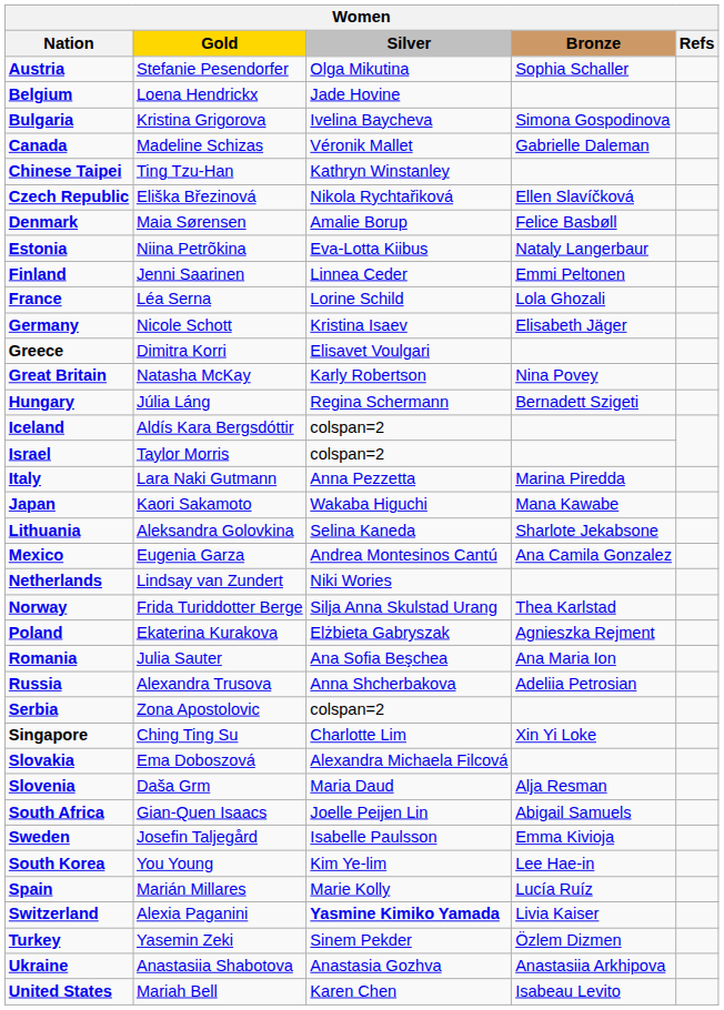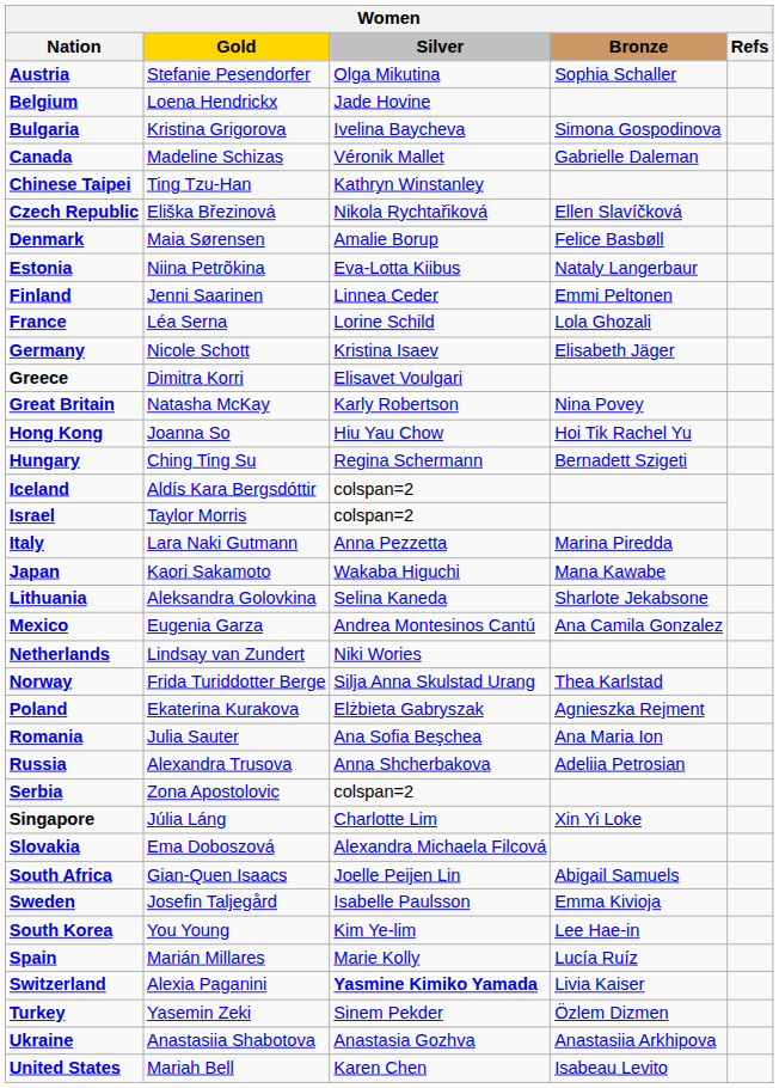 <table class="wikitable">
 <tr>
 <th colspan=5>Women</th>
 </tr>
 <tr>
 <th>Nation</th>
 <td style="text-align:center; background:gold;"><strong>Gold</strong></td>
 <td style="text-align:center; background:silver;"><strong>Silver</strong></td>
 <td style="text-align:center; background:#c96;"><strong>Bronze</strong></td>
 <th>Refs</th>
 </tr>
 <tr>
 <td><strong> <a href='#'>Austria</a></strong></td>
 <td><a href='#'>Stefanie Pesendorfer</a></td>
 <td><a href='#'>Olga Mikutina</a></td>
 <td><a href='#'>Sophia Schaller</a></td>
 <td></td>
 </tr>
 <tr>
 <td><strong> <a href='#'>Belgium</a></strong></td>
 <td><a href='#'>Loena Hendrickx</a></td>
 <td><a href='#'>Jade Hovine</a></td>
 <td></td>
 <td></td>
 </tr>
 <tr>
 <td><strong> <a href='#'>Bulgaria</a></strong></td>
 <td><a href='#'>Kristina Grigorova</a></td>
 <td><a href='#'>Ivelina Baycheva</a></td>
 <td><a href='#'>Simona Gospodinova</a></td>
 <td></td>
 </tr>
 <tr>
 <td><strong> <a href='#'>Canada</a></strong></td>
 <td><a href='#'>Madeline Schizas</a></td>
 <td><a href='#'>Véronik Mallet</a></td>
 <td><a href='#'>Gabrielle Daleman</a></td>
 <td></td>
 </tr>
 <tr>
 <td><strong> <a href='#'>Chinese Taipei</a></strong></td>
 <td><a href='#'>Ting Tzu-Han</a></td>
 <td><a href='#'>Kathryn Winstanley</a></td>
 <td></td>
 <td></td>
 </tr>
 <tr>
 <td><strong> <a href='#'>Czech Republic</a></strong></td>
 <td><a href='#'>Eliška Březinová</a></td>
 <td><a href='#'>Nikola Rychtařiková</a></td>
 <td><a href='#'>Ellen Slavíčková</a></td>
 <td></td>
 </tr>
 <tr>
 <td><strong> <a href='#'>Denmark</a></strong></td>
 <td><a href='#'>Maia Sørensen</a></td>
 <td><a href='#'>Amalie Borup</a></td>
 <td><a href='#'>Felice Basbøll</a></td>
 <td></td>
 </tr>
 <tr>
 <td><strong> <a href='#'>Estonia</a></strong></td>
 <td><a href='#'>Niina Petrõkina</a></td>
 <td><a href='#'>Eva-Lotta Kiibus</a></td>
 <td><a href='#'>Nataly Langerbaur</a></td>
 <td></td>
 </tr>
 <tr>
 <td><strong> <a href='#'>Finland</a></strong></td>
 <td><a href='#'>Jenni Saarinen</a></td>
 <td><a href='#'>Linnea Ceder</a></td>
 <td><a href='#'>Emmi Peltonen</a></td>
 <td></td>
 </tr>
 <tr>
 <td><strong> <a href='#'>France</a></strong></td>
 <td><a href='#'>Léa Serna</a></td>
 <td><a href='#'>Lorine Schild</a></td>
 <td><a href='#'>Lola Ghozali</a></td>
 <td></td>
 </tr>
 <tr>
 <td><strong> <a href='#'>Germany</a></strong></td>
 <td><a href='#'>Nicole Schott</a></td>
 <td><a href='#'>Kristina Isaev</a></td>
 <td><a href='#'>Elisabeth Jäger</a></td>
 <td></td>
 </tr>
 <tr>
 <td><strong> Greece</strong></td>
 <td><a href='#'>Dimitra Korri</a></td>
 <td><a href='#'>Elisavet Voulgari</a></td>
 <td></td>
 <td></td>
 </tr>
 <tr>
 <td><strong> <a href='#'>Great Britain</a></strong></td>
 <td><a href='#'>Natasha McKay</a></td>
 <td><a href='#'>Karly Robertson</a></td>
 <td><a href='#'>Nina Povey</a></td>
 <td></td>
 </tr>
 <tr>
+<td><strong> <a href='#'>Hong Kong</a></strong></td>
+<td><a href='#'>Joanna So</a></td>
+<td><a href='#'>Hiu Yau Chow</a></td>
+<td><a href='#'>Hoi Tik Rachel Yu</a></td>
+<td></td>
+</tr>
+<tr>
 <td><strong> <a href='#'>Hungary</a></strong></td>
-<td><a href='#'>Júlia Láng</a></td>
+<td><a href='#'>Ching Ting Su</a></td>
 <td><a href='#'>Regina Schermann</a></td>
 <td><a href='#'>Bernadett Szigeti</a></td>
 <td></td>
 </tr>
 <tr>
 <td><strong> <a href='#'>Iceland</a></strong></td>
 <td><a href='#'>Aldís Kara Bergsdóttir</a></td>
 <td>colspan=2 </td>
 <td></td>
 </tr>
 <tr>
 <td><strong> <a href='#'>Israel</a></strong></td>
 <td><a href='#'>Taylor Morris</a></td>
 <td>colspan=2 </td>
 <td></td>
 </tr>
 <tr>
 <td><strong> <a href='#'>Italy</a></strong></td>
 <td><a href='#'>Lara Naki Gutmann</a></td>
 <td><a href='#'>Anna Pezzetta</a></td>
 <td><a href='#'>Marina Piredda</a></td>
 <td></td>
 </tr>
 <tr>
 <td><strong> <a href='#'>Japan</a></strong></td>
 <td><a href='#'>Kaori Sakamoto</a></td>
 <td><a href='#'>Wakaba Higuchi</a></td>
 <td><a href='#'>Mana Kawabe</a></td>
 <td></td>
 </tr>
 <tr>
 <td><strong> <a href='#'>Lithuania</a></strong></td>
 <td><a href='#'>Aleksandra Golovkina</a></td>
 <td><a href='#'>Selina Kaneda</a></td>
 <td><a href='#'>Sharlote Jekabsone</a></td>
 <td></td>
 </tr>
 <tr>
 <td><strong> <a href='#'>Mexico</a></strong></td>
 <td><a href='#'>Eugenia Garza</a></td>
 <td><a href='#'>Andrea Montesinos Cantú</a></td>
 <td><a href='#'>Ana Camila Gonzalez</a></td>
 <td></td>
 </tr>
 <tr>
 <td><strong> <a href='#'>Netherlands</a></strong></td>
 <td><a href='#'>Lindsay van Zundert</a></td>
 <td><a href='#'>Niki Wories</a></td>
 <td></td>
 <td></td>
 </tr>
 <tr>
 <td><strong> <a href='#'>Norway</a></strong></td>
 <td><a href='#'>Frida Turiddotter Berge</a></td>
 <td><a href='#'>Silja Anna Skulstad Urang</a></td>
 <td><a href='#'>Thea Karlstad</a></td>
 <td></td>
 </tr>
 <tr>
 <td><strong> <a href='#'>Poland</a></strong></td>
 <td><a href='#'>Ekaterina Kurakova</a></td>
 <td><a href='#'>Elżbieta Gabryszak</a></td>
 <td><a href='#'>Agnieszka Rejment</a></td>
 <td></td>
 </tr>
 <tr>
 <td><strong> <a href='#'>Romania</a></strong></td>
 <td><a href='#'>Julia Sauter</a></td>
 <td><a href='#'>Ana Sofia Beşchea</a></td>
 <td><a href='#'>Ana Maria Ion</a></td>
 <td></td>
 </tr>
 <tr>
 <td><strong> <a href='#'>Russia</a></strong></td>
 <td><a href='#'>Alexandra Trusova</a></td>
 <td><a href='#'>Anna Shcherbakova</a></td>
 <td><a href='#'>Adeliia Petrosian</a></td>
 <td></td>
 </tr>
 <tr>
 <td><strong> <a href='#'>Serbia</a></strong></td>
 <td><a href='#'>Zona Apostolovic</a></td>
 <td>colspan=2 </td>
 <td></td>
 </tr>
 <tr>
 <td><strong> Singapore</strong></td>
-<td><a href='#'>Ching Ting Su</a></td>
+<td><a href='#'>Júlia Láng</a></td>
 <td><a href='#'>Charlotte Lim</a></td>
 <td><a href='#'>Xin Yi Loke</a></td>
 <td></td>
 </tr>
 <tr>
 <td><strong> <a href='#'>Slovakia</a></strong></td>
 <td><a href='#'>Ema Doboszová</a></td>
 <td><a href='#'>Alexandra Michaela Filcová</a></td>
 <td></td>
-<td></td>
-</tr>
-<tr>
-<td><strong> <a href='#'>Slovenia</a></strong></td>
-<td><a href='#'>Daša Grm</a></td>
-<td><a href='#'>Maria Daud</a></td>
-<td><a href='#'>Alja Resman</a></td>
 <td></td>
 </tr>
 <tr>
 <td><strong> <a href='#'>South Africa</a></strong></td>
 <td><a href='#'>Gian-Quen Isaacs</a></td>
 <td><a href='#'>Joelle Peijen Lin</a></td>
 <td><a href='#'>Abigail Samuels</a></td>
 <td></td>
 </tr>
 <tr>
 <td><strong> <a href='#'>Sweden</a></strong></td>
 <td><a href='#'>Josefin Taljegård</a></td>
 <td><a href='#'>Isabelle Paulsson</a></td>
 <td><a href='#'>Emma Kivioja</a></td>
 <td></td>
 </tr>
 <tr>
 <td><strong> <a href='#'>South Korea</a></strong></td>
 <td><a href='#'>You Young</a></td>
 <td><a href='#'>Kim Ye-lim</a></td>
 <td><a href='#'>Lee Hae-in</a></td>
 <td></td>
 </tr>
 <tr>
 <td><strong> <a href='#'>Spain</a></strong></td>
 <td><a href='#'>Marián Millares</a></td>
 <td><a href='#'>Marie Kolly</a></td>
 <td><a href='#'>Lucía Ruíz</a></td>
 <td></td>
 </tr>
 <tr>
 <td><strong> <a href='#'>Switzerland</a></strong></td>
 <td><a href='#'>Alexia Paganini</a></td>
 <td><strong><a href='#'>Yasmine Kimiko Yamada</a></strong></td>
 <td><a href='#'>Livia Kaiser</a></td>
 <td></td>
 </tr>
 <tr>
 <td><strong> <a href='#'>Turkey</a></strong></td>
 <td><a href='#'>Yasemin Zeki</a></td>
 <td><a href='#'>Sinem Pekder</a></td>
 <td><a href='#'>Özlem Dizmen</a></td>
 <td></td>
 </tr>
 <tr>
 <td><strong> <a href='#'>Ukraine</a></strong></td>
 <td><a href='#'>Anastasiia Shabotova</a></td>
 <td><a href='#'>Anastasia Gozhva</a></td>
 <td><a href='#'>Anastasiia Arkhipova</a></td>
 <td></td>
 </tr>
 <tr>
 <td><strong> <a href='#'>United States</a></strong></td>
 <td><a href='#'>Mariah Bell</a></td>
 <td><a href='#'>Karen Chen</a></td>
 <td><a href='#'>Isabeau Levito</a></td>
 <td></td>
 </tr>
 </table>
